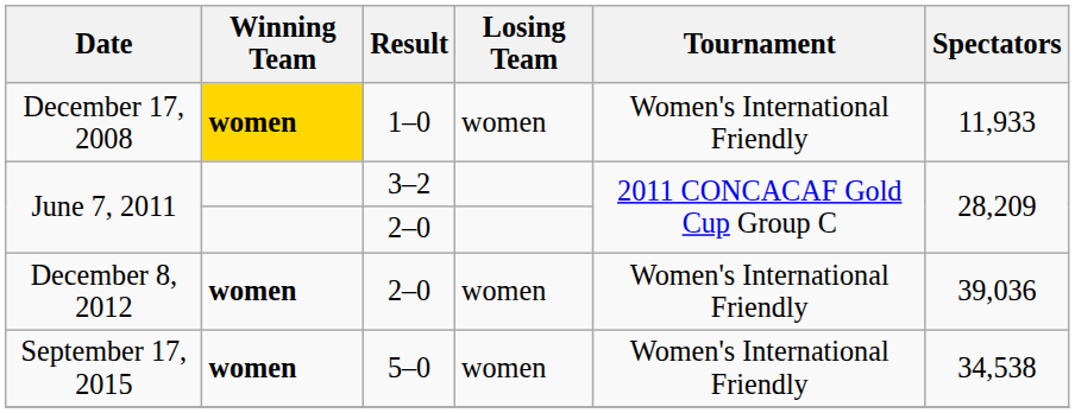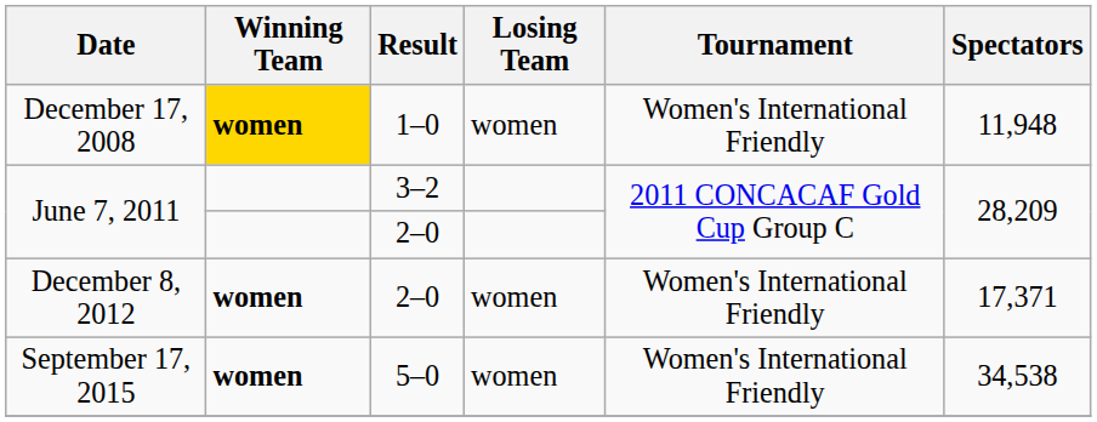 <table class="wikitable" style="text-align:left; width:95%;" style="text-align:center">
 <tr>
 <th style="text-align:center; ">Date</th>
 <th style="text-align:center; ">Winning Team</th>
 <th style="text-align:center; ">Result</th>
 <th style="text-align:center; ">Losing Team</th>
 <th style="text-align:center; ">Tournament</th>
 <th style="text-align:center; ">Spectators</th>
 </tr>
 <tr>
 <td style="text-align:center;">December 17, 2008</td>
 <td style="background: gold;"><strong> women</strong></td>
 <td style="text-align:center;">1–0</td>
 <td> women</td>
 <td style="text-align:center;">Women's International Friendly</td>
-<td style="text-align:center;">11,933</td>
+<td style="text-align:center;">11,948</td>
 </tr>
 <tr>
 <td style="text-align:center;" rowspan=2>June 7, 2011</td>
 <td><strong></strong></td>
 <td style="text-align:center;">3–2</td>
 <td></td>
 <td style="text-align:center;" rowspan=2><a href='#'>2011 CONCACAF Gold Cup</a> Group C</td>
 <td style="text-align:center;" rowspan=2>28,209</td>
 </tr>
 <tr>
 <td><strong></strong></td>
 <td style="text-align:center;">2–0</td>
 <td></td>
 </tr>
 <tr>
 <td style="text-align:center;">December 8, 2012</td>
 <td><strong> women</strong></td>
 <td style="text-align:center;">2–0</td>
 <td> women</td>
 <td style="text-align:center;">Women's International Friendly</td>
-<td style="text-align:center;">39,036</td>
+<td style="text-align:center;">17,371</td>
 </tr>
 <tr>
 <td style="text-align:center;">September 17, 2015</td>
 <td><strong> women</strong></td>
 <td style="text-align:center;">5–0</td>
 <td> women</td>
 <td style="text-align:center;">Women's International Friendly</td>
 <td style="text-align:center;">34,538</td>
 </tr>
 <tr>
 </tr>
 </table>
